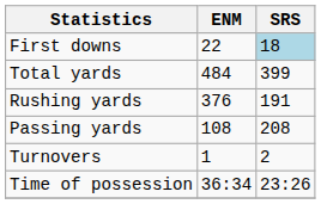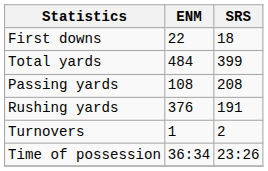 <table class="wikitable" style="float: left;">
 <tr>
 <th>Statistics</th>
 <th>ENM</th>
 <th>SRS</th>
 </tr>
 <tr>
 <td>First downs</td>
 <td>22</td>
-<td style="background: lightblue;">18</td>
+<td>18</td>
 </tr>
 <tr>
 <td>Total yards</td>
 <td>484</td>
 <td>399</td>
 </tr>
 <tr>
+<td>Passing yards</td>
+<td>108</td>
+<td>208</td>
+</tr>
+<tr>
 <td>Rushing yards</td>
 <td>376</td>
 <td>191</td>
-</tr>
-<tr>
-<td>Passing yards</td>
-<td>108</td>
-<td>208</td>
 </tr>
 <tr>
 <td>Turnovers</td>
 <td>1</td>
 <td>2</td>
 </tr>
 <tr>
 <td>Time of possession</td>
 <td>36:34</td>
 <td>23:26</td>
 </tr>
 <tr>
 </tr>
 </table>
